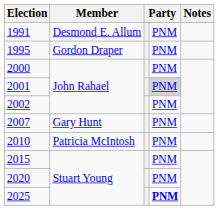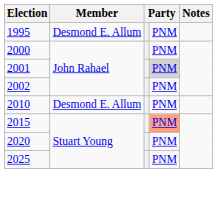 <table class="wikitable sortable">
 <tr>
 <th>Election</th>
 <th>Member</th>
 <th colspan="2">Party</th>
 <th>Notes</th>
 </tr>
 <tr>
-<td><a href='#'>1991</a></td>
+<td><a href='#'>1995</a></td>
 <td><a href='#'>Desmond E. Allum</a></td>
-<th style="background-color: "></th>
-<td><a href='#'>PNM</a></td>
-<td></td>
-</tr>
-<tr>
-<td><a href='#'>1995</a></td>
-<td><a href='#'>Gordon Draper</a></td>
 <th style="background-color: "></th>
 <td><a href='#'>PNM</a></td>
 <td></td>
 </tr>
 <tr>
 <td><a href='#'>2000</a></td>
 <td rowspan="3"><a href='#'>John Rahael</a></td>
 <th style="background-color: "></th>
 <td><a href='#'>PNM</a></td>
 <td rowspan="3"></td>
 </tr>
 <tr>
 <td><a href='#'>2001</a></td>
 <th style="background-color: "></th>
 <td style="background: lightgrey;"><a href='#'>PNM</a></td>
 </tr>
 <tr>
 <td><a href='#'>2002</a></td>
 <th style="background-color: "></th>
 <td><a href='#'>PNM</a></td>
 </tr>
 <tr>
-<td><a href='#'>2007</a></td>
-<td><a href='#'>Gary Hunt</a></td>
-<th style="background-color: "></th>
-<td><a href='#'>PNM</a></td>
-<td></td>
-</tr>
-<tr>
 <td><a href='#'>2010</a></td>
-<td><a href='#'>Patricia McIntosh</a></td>
+<td><a href='#'>Desmond E. Allum</a></td>
 <th style="background-color: "></th>
 <td><a href='#'>PNM</a></td>
 <td></td>
 </tr>
 <tr>
 <td><a href='#'>2015</a></td>
 <td rowspan="3"><a href='#'>Stuart Young</a></td>
 <th style="background-color: "></th>
-<td><a href='#'>PNM</a></td>
+<td style="background: lightsalmon;"><a href='#'>PNM</a></td>
 <td rowspan="3"></td>
 </tr>
 <tr>
 <td><a href='#'>2020</a></td>
 <th style="background-color: "></th>
 <td><a href='#'>PNM</a></td>
 </tr>
 <tr>
 <td><a href='#'>2025</a></td>
 <th style="background-color: "></th>
-<td><strong><a href='#'>PNM</a></strong></td>
+<td><a href='#'>PNM</a></td>
 </tr>
 </table>
